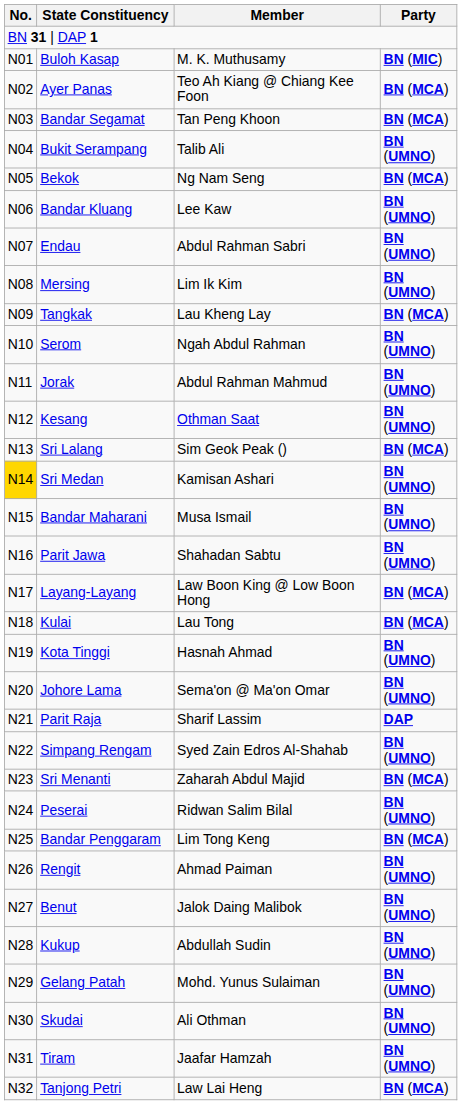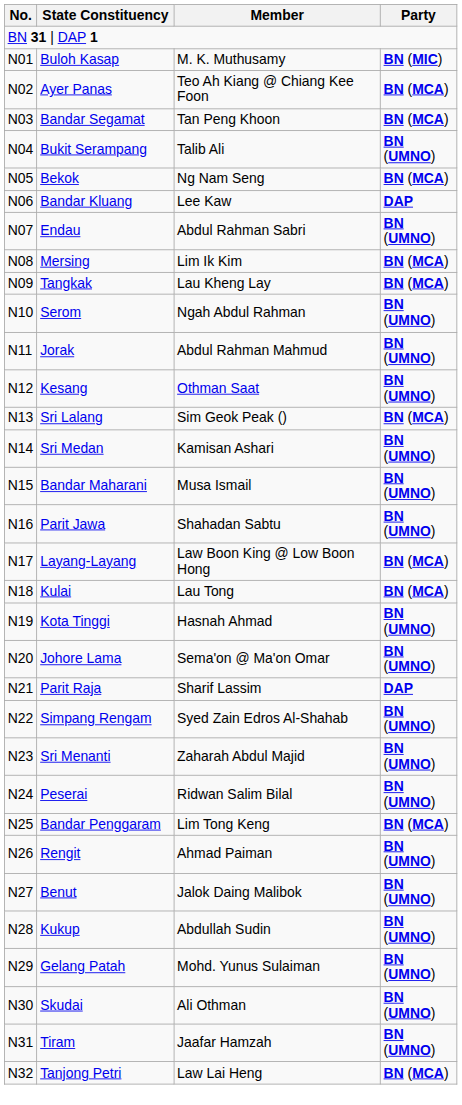 <table class="wikitable sortable">
 <tr>
 <th style="width:30px;">No.</th>
 <th style="width:150px;">State Constituency</th>
 <th style="width:230px;">Member</th>
 <th style="width:80px;">Party</th>
 </tr>
 <tr>
 <td colspan="4"><a href='#'>BN</a> <strong>31</strong> | <a href='#'>DAP</a> <strong>1</strong></td>
 </tr>
 <tr>
 <td>N01</td>
 <td><a href='#'>Buloh Kasap</a></td>
 <td>M. K. Muthusamy</td>
 <td><strong><a href='#'>BN</a></strong> (<strong><a href='#'>MIC</a></strong>)</td>
 </tr>
 <tr>
 <td>N02</td>
 <td><a href='#'>Ayer Panas</a></td>
 <td>Teo Ah Kiang @ Chiang Kee Foon</td>
 <td><strong><a href='#'>BN</a></strong> (<strong><a href='#'>MCA</a></strong>)</td>
 </tr>
 <tr>
 <td>N03</td>
 <td><a href='#'>Bandar Segamat</a></td>
 <td>Tan Peng Khoon</td>
 <td><strong><a href='#'>BN</a></strong> (<strong><a href='#'>MCA</a></strong>)</td>
 </tr>
 <tr>
 <td>N04</td>
 <td><a href='#'>Bukit Serampang</a></td>
 <td>Talib Ali</td>
 <td><strong><a href='#'>BN</a></strong> (<strong><a href='#'>UMNO</a></strong>)</td>
 </tr>
 <tr>
 <td>N05</td>
 <td><a href='#'>Bekok</a></td>
 <td>Ng Nam Seng</td>
 <td><strong><a href='#'>BN</a></strong> (<strong><a href='#'>MCA</a></strong>)</td>
 </tr>
 <tr>
 <td>N06</td>
 <td><a href='#'>Bandar Kluang</a></td>
 <td>Lee Kaw</td>
-<td><strong><a href='#'>BN</a></strong> (<strong><a href='#'>UMNO</a></strong>)</td>
+<td><strong><a href='#'>DAP</a></strong></td>
 </tr>
 <tr>
 <td>N07</td>
 <td><a href='#'>Endau</a></td>
 <td>Abdul Rahman Sabri</td>
 <td><strong><a href='#'>BN</a></strong> (<strong><a href='#'>UMNO</a></strong>)</td>
 </tr>
 <tr>
 <td>N08</td>
 <td><a href='#'>Mersing</a></td>
 <td>Lim Ik Kim</td>
-<td><strong><a href='#'>BN</a></strong> (<strong><a href='#'>UMNO</a></strong>)</td>
+<td><strong><a href='#'>BN</a></strong> (<strong><a href='#'>MCA</a></strong>)</td>
 </tr>
 <tr>
 <td>N09</td>
 <td><a href='#'>Tangkak</a></td>
 <td>Lau Kheng Lay</td>
 <td><strong><a href='#'>BN</a></strong> (<strong><a href='#'>MCA</a></strong>)</td>
 </tr>
 <tr>
 <td>N10</td>
 <td><a href='#'>Serom</a></td>
 <td>Ngah Abdul Rahman</td>
 <td><strong><a href='#'>BN</a></strong> (<strong><a href='#'>UMNO</a></strong>)</td>
 </tr>
 <tr>
 <td>N11</td>
 <td><a href='#'>Jorak</a></td>
 <td>Abdul Rahman Mahmud</td>
 <td><strong><a href='#'>BN</a></strong> (<strong><a href='#'>UMNO</a></strong>)</td>
 </tr>
 <tr>
 <td>N12</td>
 <td><a href='#'>Kesang</a></td>
 <td><a href='#'>Othman Saat</a></td>
 <td><strong><a href='#'>BN</a></strong> (<strong><a href='#'>UMNO</a></strong>)</td>
 </tr>
 <tr>
 <td>N13</td>
 <td><a href='#'>Sri Lalang</a></td>
 <td>Sim Geok Peak ()</td>
 <td><strong><a href='#'>BN</a></strong> (<strong><a href='#'>MCA</a></strong>)</td>
 </tr>
 <tr>
-<td style="background: gold;">N14</td>
+<td>N14</td>
 <td><a href='#'>Sri Medan</a></td>
 <td>Kamisan Ashari</td>
 <td><strong><a href='#'>BN</a></strong> (<strong><a href='#'>UMNO</a></strong>)</td>
 </tr>
 <tr>
 <td>N15</td>
 <td><a href='#'>Bandar Maharani</a></td>
 <td>Musa Ismail</td>
 <td><strong><a href='#'>BN</a></strong> (<strong><a href='#'>UMNO</a></strong>)</td>
 </tr>
 <tr>
 <td>N16</td>
 <td><a href='#'>Parit Jawa</a></td>
 <td>Shahadan Sabtu</td>
 <td><strong><a href='#'>BN</a></strong> (<strong><a href='#'>UMNO</a></strong>)</td>
 </tr>
 <tr>
 <td>N17</td>
 <td><a href='#'>Layang-Layang</a></td>
 <td>Law Boon King @ Low Boon Hong</td>
 <td><strong><a href='#'>BN</a></strong> (<strong><a href='#'>MCA</a></strong>)</td>
 </tr>
 <tr>
 <td>N18</td>
 <td><a href='#'>Kulai</a></td>
 <td>Lau Tong</td>
 <td><strong><a href='#'>BN</a></strong> (<strong><a href='#'>MCA</a></strong>)</td>
 </tr>
 <tr>
 <td>N19</td>
 <td><a href='#'>Kota Tinggi</a></td>
 <td>Hasnah Ahmad</td>
 <td><strong><a href='#'>BN</a></strong> (<strong><a href='#'>UMNO</a></strong>)</td>
 </tr>
 <tr>
 <td>N20</td>
 <td><a href='#'>Johore Lama</a></td>
 <td>Sema'on @ Ma'on Omar</td>
 <td><strong><a href='#'>BN</a></strong> (<strong><a href='#'>UMNO</a></strong>)</td>
 </tr>
 <tr>
 <td>N21</td>
 <td><a href='#'>Parit Raja</a></td>
 <td>Sharif Lassim</td>
 <td><strong><a href='#'>DAP</a></strong></td>
 </tr>
 <tr>
 <td>N22</td>
 <td><a href='#'>Simpang Rengam</a></td>
 <td>Syed Zain Edros Al-Shahab</td>
 <td><strong><a href='#'>BN</a></strong> (<strong><a href='#'>UMNO</a></strong>)</td>
 </tr>
 <tr>
 <td>N23</td>
 <td><a href='#'>Sri Menanti</a></td>
 <td>Zaharah Abdul Majid</td>
-<td><strong><a href='#'>BN</a></strong> (<strong><a href='#'>MCA</a></strong>)</td>
+<td><strong><a href='#'>BN</a></strong> (<strong><a href='#'>UMNO</a></strong>)</td>
 </tr>
 <tr>
 <td>N24</td>
 <td><a href='#'>Peserai</a></td>
 <td>Ridwan Salim Bilal</td>
 <td><strong><a href='#'>BN</a></strong> (<strong><a href='#'>UMNO</a></strong>)</td>
 </tr>
 <tr>
 <td>N25</td>
 <td><a href='#'>Bandar Penggaram</a></td>
 <td>Lim Tong Keng</td>
 <td><strong><a href='#'>BN</a></strong> (<strong><a href='#'>MCA</a></strong>)</td>
 </tr>
 <tr>
 <td>N26</td>
 <td><a href='#'>Rengit</a></td>
 <td>Ahmad Paiman</td>
 <td><strong><a href='#'>BN</a></strong> (<strong><a href='#'>UMNO</a></strong>)</td>
 </tr>
 <tr>
 <td>N27</td>
 <td><a href='#'>Benut</a></td>
 <td>Jalok Daing Malibok</td>
 <td><strong><a href='#'>BN</a></strong> (<strong><a href='#'>UMNO</a></strong>)</td>
 </tr>
 <tr>
 <td>N28</td>
 <td><a href='#'>Kukup</a></td>
 <td>Abdullah Sudin</td>
 <td><strong><a href='#'>BN</a></strong> (<strong><a href='#'>UMNO</a></strong>)</td>
 </tr>
 <tr>
 <td>N29</td>
 <td><a href='#'>Gelang Patah</a></td>
 <td>Mohd. Yunus Sulaiman</td>
 <td><strong><a href='#'>BN</a></strong> (<strong><a href='#'>UMNO</a></strong>)</td>
 </tr>
 <tr>
 <td>N30</td>
 <td><a href='#'>Skudai</a></td>
 <td>Ali Othman</td>
 <td><strong><a href='#'>BN</a></strong> (<strong><a href='#'>UMNO</a></strong>)</td>
 </tr>
 <tr>
 <td>N31</td>
 <td><a href='#'>Tiram</a></td>
 <td>Jaafar Hamzah</td>
 <td><strong><a href='#'>BN</a></strong> (<strong><a href='#'>UMNO</a></strong>)</td>
 </tr>
 <tr>
 <td>N32</td>
 <td><a href='#'>Tanjong Petri</a></td>
 <td>Law Lai Heng</td>
 <td><strong><a href='#'>BN</a></strong> (<strong><a href='#'>MCA</a></strong>)</td>
 </tr>
 </table>
